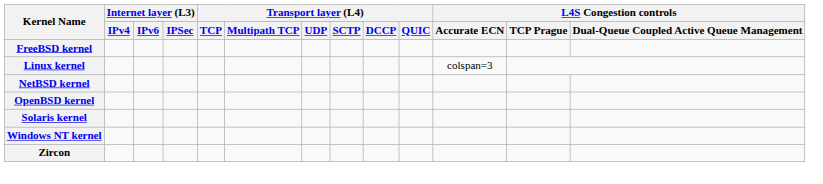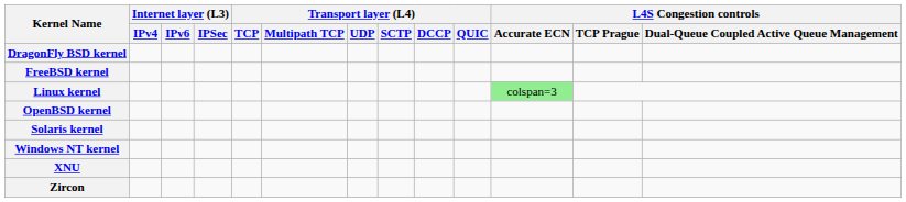 <table class="sortable wikitable" style="text-align: center; width: auto">
 <tr>
 <th rowspan=2>Kernel Name</th>
 <th colspan=3><a href='#'>Internet layer</a> (L3)</th>
 <th colspan=6><a href='#'>Transport layer</a> (L4)</th>
 <th colspan=3><a href='#'>L4S</a> Congestion controls</th>
 </tr>
 <tr>
 <th><a href='#'>IPv4</a></th>
 <th><a href='#'>IPv6</a></th>
 <th><a href='#'>IPSec</a></th>
 <th><a href='#'>TCP</a></th>
 <th><a href='#'>Multipath TCP</a></th>
 <th><a href='#'>UDP</a></th>
 <th><a href='#'>SCTP</a></th>
 <th><a href='#'>DCCP</a></th>
 <th><a href='#'>QUIC</a></th>
 <th>Accurate ECN</th>
 <th>TCP Prague</th>
 <th>Dual-Queue Coupled Active Queue Management</th>
+</tr>
+<tr>
+<th><a href='#'>DragonFly BSD kernel</a></th>
+<td></td>
+<td></td>
+<td></td>
+<td></td>
+<td></td>
+<td></td>
+<td></td>
+<td></td>
+<td></td>
+<td></td>
+<td></td>
+<td></td>
 </tr>
 <tr>
 <th><a href='#'>FreeBSD kernel</a></th>
 <td></td>
 <td></td>
 <td></td>
 <td></td>
 <td></td>
 <td></td>
 <td></td>
 <td></td>
 <td></td>
 <td></td>
 <td></td>
 <td></td>
 </tr>
 <tr>
 <th><a href='#'>Linux kernel</a></th>
 <td></td>
 <td></td>
 <td></td>
 <td></td>
 <td></td>
 <td></td>
 <td></td>
 <td></td>
 <td></td>
-<td>colspan=3 </td>
-</tr>
-<tr>
-<th><a href='#'>NetBSD kernel</a></th>
-<td></td>
-<td></td>
-<td></td>
-<td></td>
-<td></td>
-<td></td>
-<td></td>
-<td></td>
-<td></td>
-<td></td>
-<td></td>
-<td></td>
+<td style="background: lightgreen;">colspan=3 </td>
 </tr>
 <tr>
 <th><a href='#'>OpenBSD kernel</a></th>
 <td></td>
 <td></td>
 <td></td>
 <td></td>
 <td></td>
 <td></td>
 <td></td>
 <td></td>
 <td></td>
 <td></td>
 <td></td>
 <td></td>
 </tr>
 <tr>
 <th><a href='#'>Solaris kernel</a></th>
 <td></td>
 <td></td>
 <td></td>
 <td></td>
 <td></td>
 <td></td>
 <td></td>
 <td></td>
 <td></td>
 <td></td>
 <td></td>
 <td></td>
 </tr>
 <tr>
 <th><a href='#'>Windows NT kernel</a></th>
 <td></td>
 <td></td>
 <td></td>
 <td></td>
 <td></td>
 <td></td>
 <td></td>
 <td></td>
 <td></td>
 <td></td>
 <td></td>
 <td></td>
 </tr>
 <tr>
+<th><a href='#'>XNU</a></th>
+<td></td>
+<td></td>
+<td></td>
+<td></td>
+<td></td>
+<td></td>
+<td></td>
+<td></td>
+<td></td>
+<td></td>
+<td></td>
+<td></td>
+</tr>
+<tr>
 <th>Zircon</th>
 <td></td>
 <td></td>
 <td></td>
 <td></td>
 <td></td>
 <td></td>
 <td></td>
 <td></td>
 <td></td>
 <td></td>
 <td></td>
 <td></td>
 </tr>
 </table>
